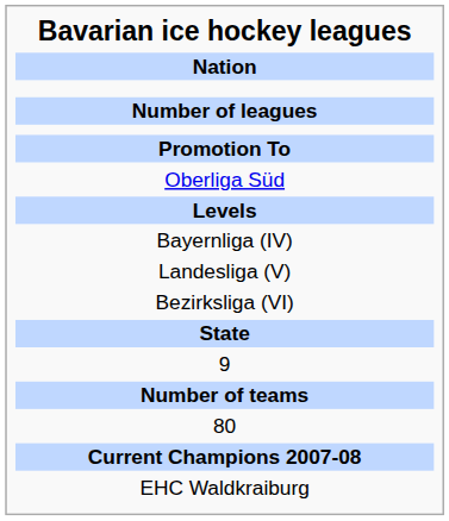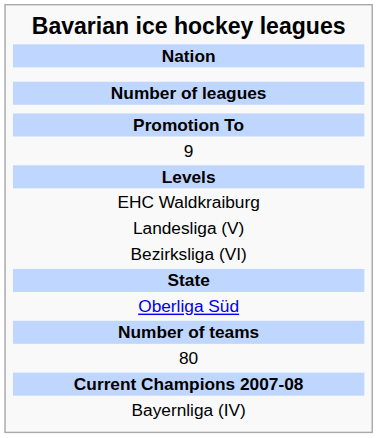 <table class="infobox football" style="width: 16em; text-align: center;">
 <tr>
 <th style="font-size: 16px;">Bavarian ice hockey leagues</th>
 </tr>
 <tr>
 <td style="font-size: 12px; background: #BFD7FF;"><strong>Nation</strong></td>
 </tr>
 <tr>
 <td style="font-size: 12px;"></td>
 </tr>
 <tr>
 <td style="font-size: 11px; line-height: 15px;"></td>
 </tr>
 <tr>
 <td style="font-size: 12px; background: #BFD7FF;"><strong>Number of leagues</strong></td>
 </tr>
 <tr>
 <td style="font-size: 12px;"></td>
 </tr>
 <tr>
 <td style="font-size: 12px; background: #BFD7FF;"><strong>Promotion To</strong></td>
 </tr>
 <tr>
-<td style="font-size: 12px;"><a href='#'>Oberliga Süd</a></td>
+<td style="font-size: 12px;">9</td>
 </tr>
 <tr>
 <td style="font-size: 12px; background: #BFD7FF;"><strong>Levels</strong></td>
 </tr>
 <tr>
-<td style="font-size: 12px;">Bayernliga (IV)</td>
+<td style="font-size: 12px;">EHC Waldkraiburg</td>
 </tr>
 <tr>
 <td style="font-size: 12px;">Landesliga (V)</td>
 </tr>
 <tr>
 <td style="font-size: 12px;">Bezirksliga (VI)</td>
 </tr>
 <tr>
 <td style="font-size: 12px; background: #BFD7FF;"><strong>State</strong></td>
 </tr>
 <tr>
-<td style="font-size: 12px;">9</td>
+<td style="font-size: 12px;"><a href='#'>Oberliga Süd</a></td>
 </tr>
 <tr>
 <td style="font-size: 12px; background: #BFD7FF;"><strong>Number of teams</strong></td>
 </tr>
 <tr>
 <td style="font-size: 12px;">80</td>
 </tr>
 <tr>
 <td style="font-size: 12px; background: #BFD7FF;"><strong>Current Champions 2007-08</strong></td>
 </tr>
 <tr>
-<td style="font-size: 12px;">EHC Waldkraiburg</td>
+<td style="font-size: 12px;">Bayernliga (IV)</td>
 </tr>
 <tr>
 </tr>
 </table>
